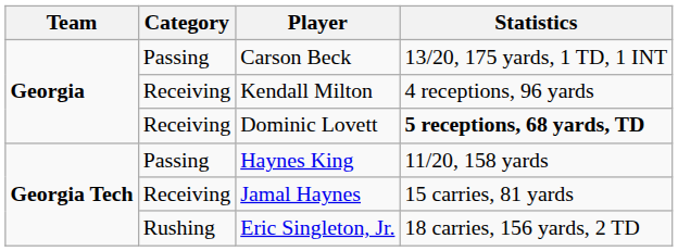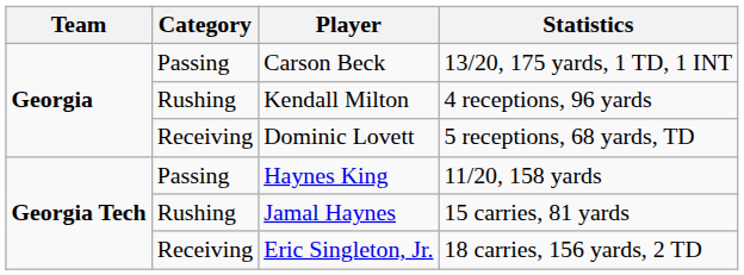 <table class="wikitable" style="float: right;">
 <tr>
 <th>Team</th>
 <th>Category</th>
 <th>Player</th>
 <th>Statistics</th>
 </tr>
 <tr>
 <td rowspan=3><strong>Georgia</strong></td>
 <td>Passing</td>
 <td>Carson Beck</td>
 <td>13/20, 175 yards, 1 TD, 1 INT</td>
 </tr>
 <tr>
-<td>Receiving</td>
+<td>Rushing</td>
 <td>Kendall Milton</td>
 <td>4 receptions, 96 yards</td>
 </tr>
 <tr>
 <td>Receiving</td>
 <td>Dominic Lovett</td>
-<td><strong>5 receptions, 68 yards, TD</strong></td>
+<td>5 receptions, 68 yards, TD</td>
 </tr>
 <tr>
 <td rowspan=3><strong>Georgia Tech</strong></td>
 <td>Passing</td>
 <td><a href='#'>Haynes King</a></td>
 <td>11/20, 158 yards</td>
 </tr>
 <tr>
-<td>Receiving</td>
+<td>Rushing</td>
 <td><a href='#'>Jamal Haynes</a></td>
 <td>15 carries, 81 yards</td>
 </tr>
 <tr>
-<td>Rushing</td>
+<td>Receiving</td>
 <td><a href='#'>Eric Singleton, Jr.</a></td>
 <td>18 carries, 156 yards, 2 TD</td>
 </tr>
 </table>
